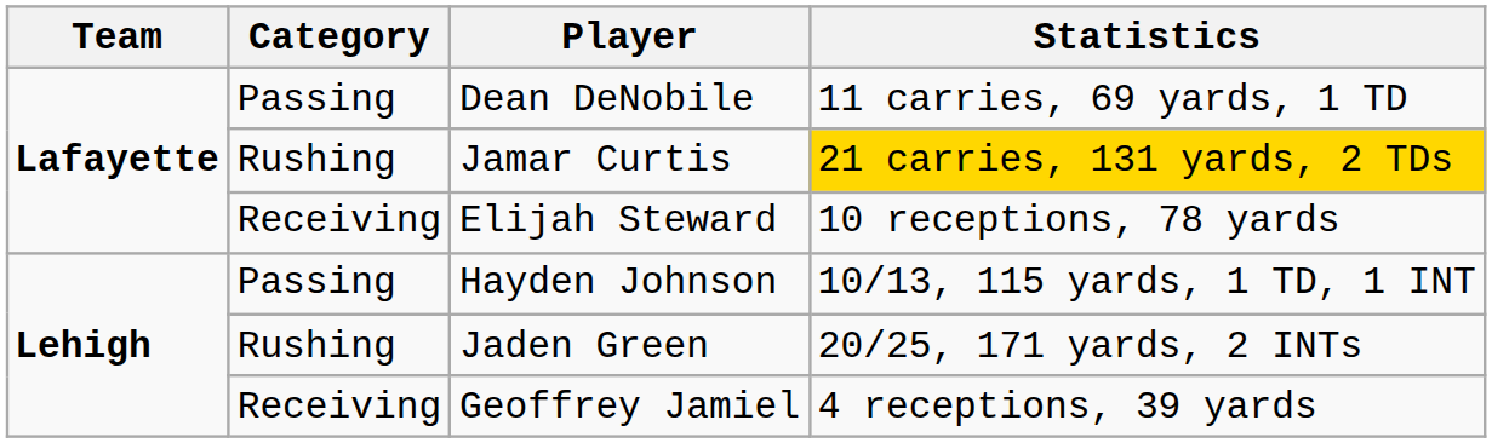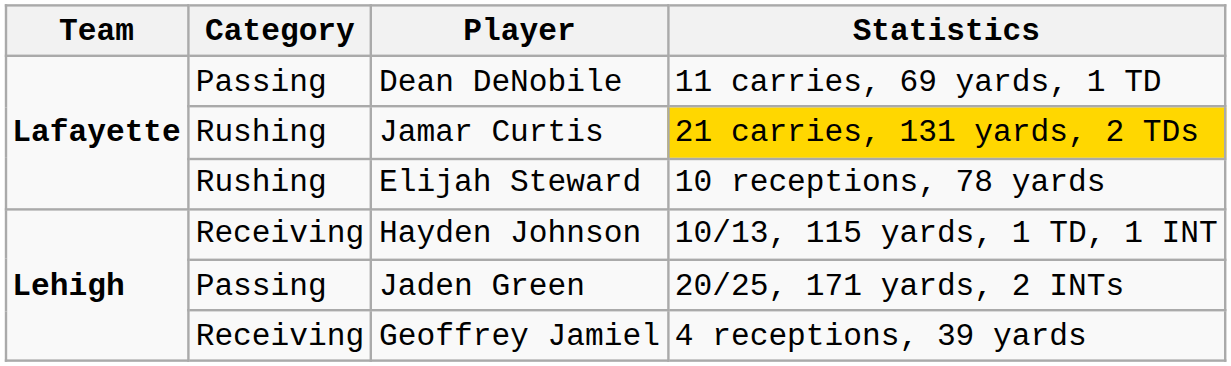 <table class="wikitable" style="float: right;">
 <tr>
 <th>Team</th>
 <th>Category</th>
 <th>Player</th>
 <th>Statistics</th>
 </tr>
 <tr>
 <td rowspan=3><strong>Lafayette</strong></td>
 <td>Passing</td>
 <td>Dean DeNobile</td>
 <td>11 carries, 69 yards, 1 TD</td>
 </tr>
 <tr>
 <td>Rushing</td>
 <td>Jamar Curtis</td>
 <td style="background: gold;">21 carries, 131 yards, 2 TDs</td>
 </tr>
 <tr>
-<td>Receiving</td>
+<td>Rushing</td>
 <td>Elijah Steward</td>
 <td>10 receptions, 78 yards</td>
 </tr>
 <tr>
 <td rowspan=3><strong>Lehigh</strong></td>
-<td>Passing</td>
+<td>Receiving</td>
 <td>Hayden Johnson</td>
 <td>10/13, 115 yards, 1 TD, 1 INT</td>
 </tr>
 <tr>
-<td>Rushing</td>
+<td>Passing</td>
 <td>Jaden Green</td>
 <td>20/25, 171 yards, 2 INTs</td>
 </tr>
 <tr>
 <td>Receiving</td>
 <td>Geoffrey Jamiel</td>
 <td>4 receptions, 39 yards</td>
 </tr>
 </table>
